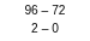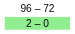 <table style="text-align:center;">
 <tr>
 <th width=200></th>
 <th width=100></th>
 <th width=200></th>
 <th></th>
 </tr>
 <tr>
 <td align=right><strong></strong></td>
 <td>96 – 72</td>
 <td align=left></td>
 </tr>
 <tr>
 <td align=right><strong></strong></td>
-<td>2 – 0 </td>
+<td style="background: lightgreen;">2 – 0 </td>
 <td align=left></td>
 </tr>
 </table>
